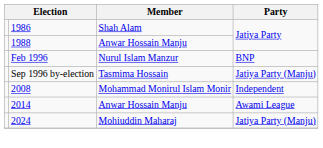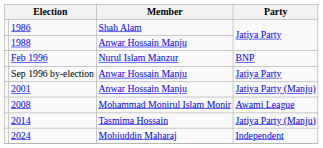 <table class="wikitable">
 <tr>
 <th colspan="2">Election</th>
 <th>Member</th>
 <th>Party</th>
 </tr>
 <tr>
 <td style="background-color:"></td>
 <td><a href='#'>1986</a></td>
 <td><a href='#'>Shah Alam</a></td>
 <td rowspan="2"><a href='#'>Jatiya Party</a></td>
 </tr>
 <tr>
 <td style="background-color:"></td>
 <td><a href='#'>1988</a></td>
 <td><a href='#'>Anwar Hossain Manju</a></td>
 </tr>
 <tr>
 <td style="background-color:"></td>
 <td><a href='#'>Feb 1996</a></td>
 <td><a href='#'>Nurul Islam Manzur</a></td>
 <td><a href='#'>BNP</a></td>
 </tr>
 <tr>
 <td style="background-color:"></td>
 <td>Sep 1996 by-election</td>
-<td><a href='#'>Tasmima Hossain</a></td>
+<td><a href='#'>Anwar Hossain Manju</a></td>
+<td><a href='#'>Jatiya Party</a></td>
+</tr>
+<tr>
+<td style="background-color:"></td>
+<td><a href='#'>2001</a></td>
+<td><a href='#'>Anwar Hossain Manju</a></td>
 <td><a href='#'>Jatiya Party (Manju)</a></td>
 </tr>
 <tr>
 <td style="background-color:"></td>
 <td><a href='#'>2008</a></td>
 <td><a href='#'>Mohammad Monirul Islam Monir</a></td>
-<td><a href='#'>Independent</a></td>
+<td><a href='#'>Awami League</a></td>
 </tr>
 <tr>
 <td style="background-color:"></td>
 <td><a href='#'>2014</a></td>
-<td><a href='#'>Anwar Hossain Manju</a></td>
-<td><a href='#'>Awami League</a></td>
+<td><a href='#'>Tasmima Hossain</a></td>
+<td><a href='#'>Jatiya Party (Manju)</a></td>
 </tr>
 <tr>
 <td style="background-color:"></td>
 <td><a href='#'>2024</a></td>
 <td><a href='#'>Mohiuddin Maharaj</a></td>
-<td><a href='#'>Jatiya Party (Manju)</a></td>
+<td><a href='#'>Independent</a></td>
 </tr>
 <tr>
 </tr>
 </table>
